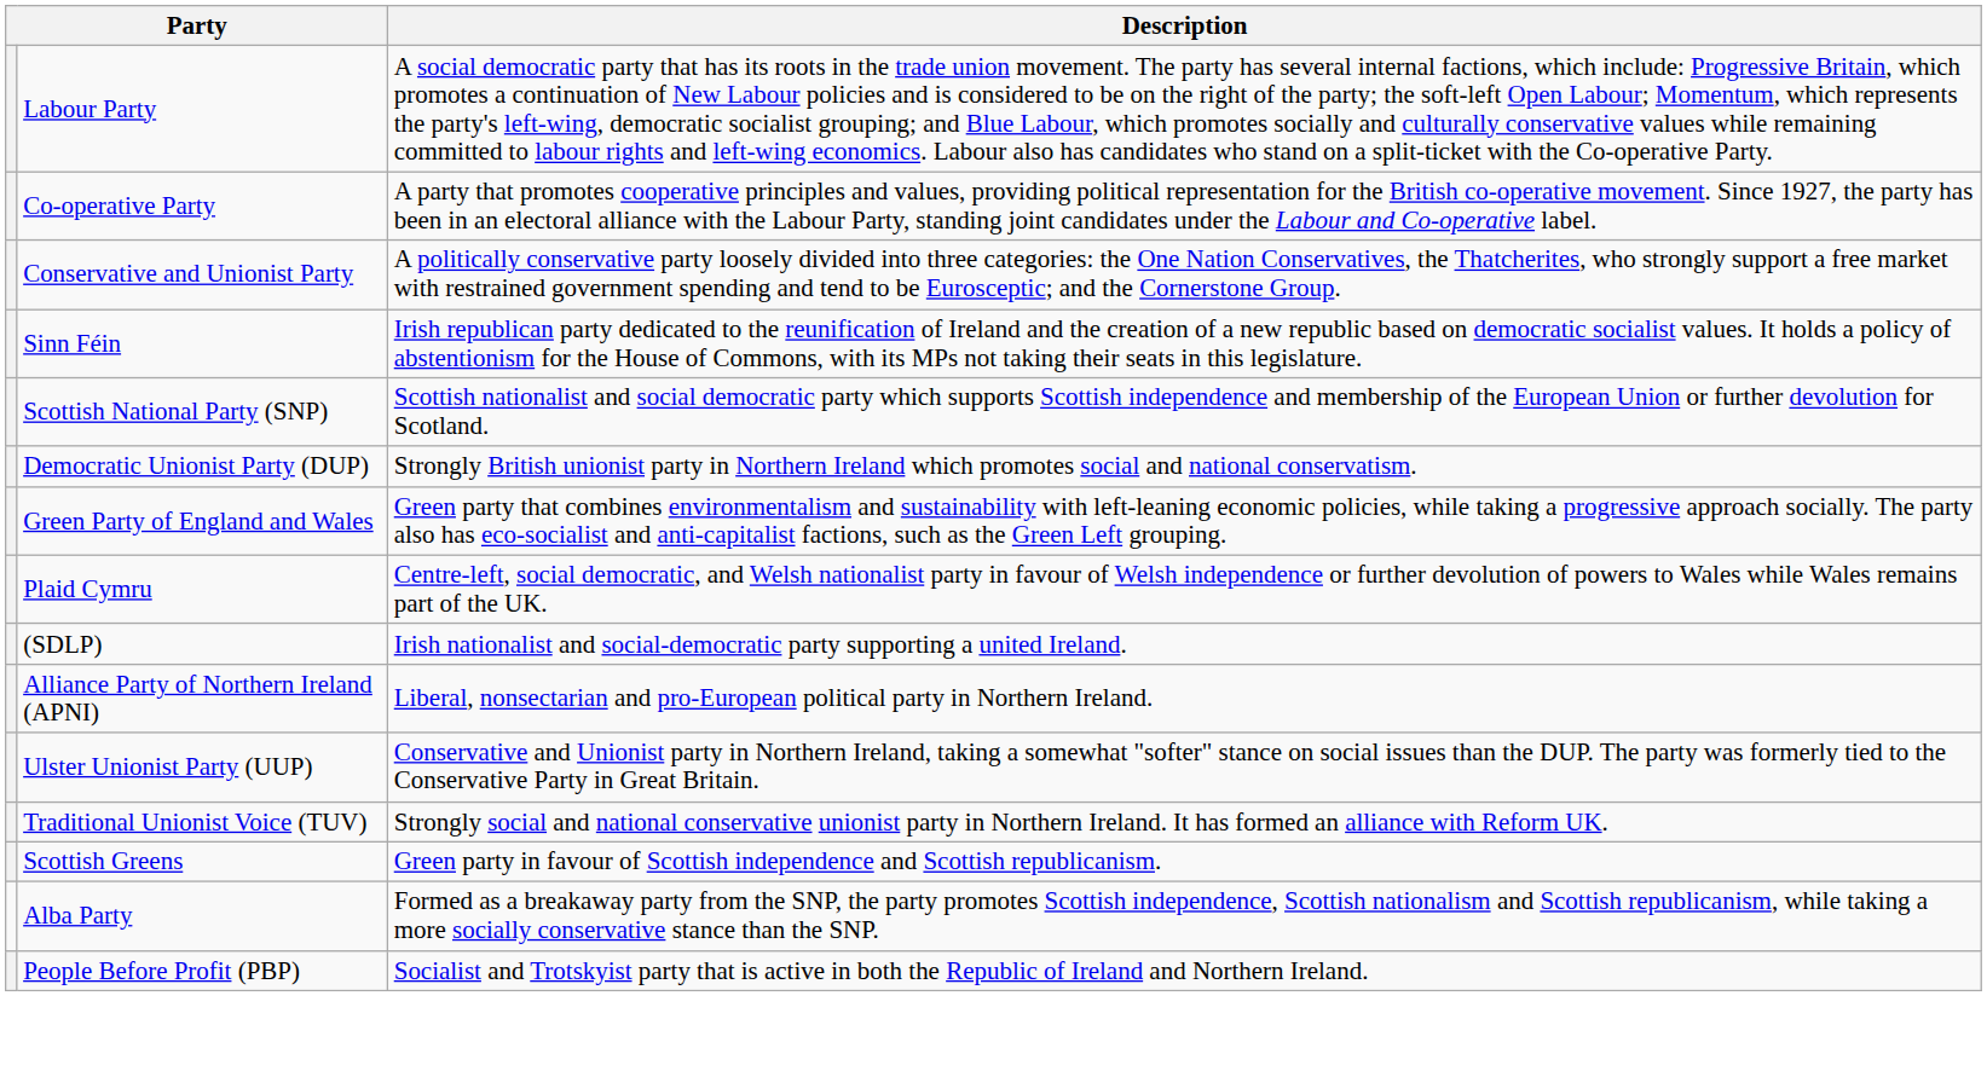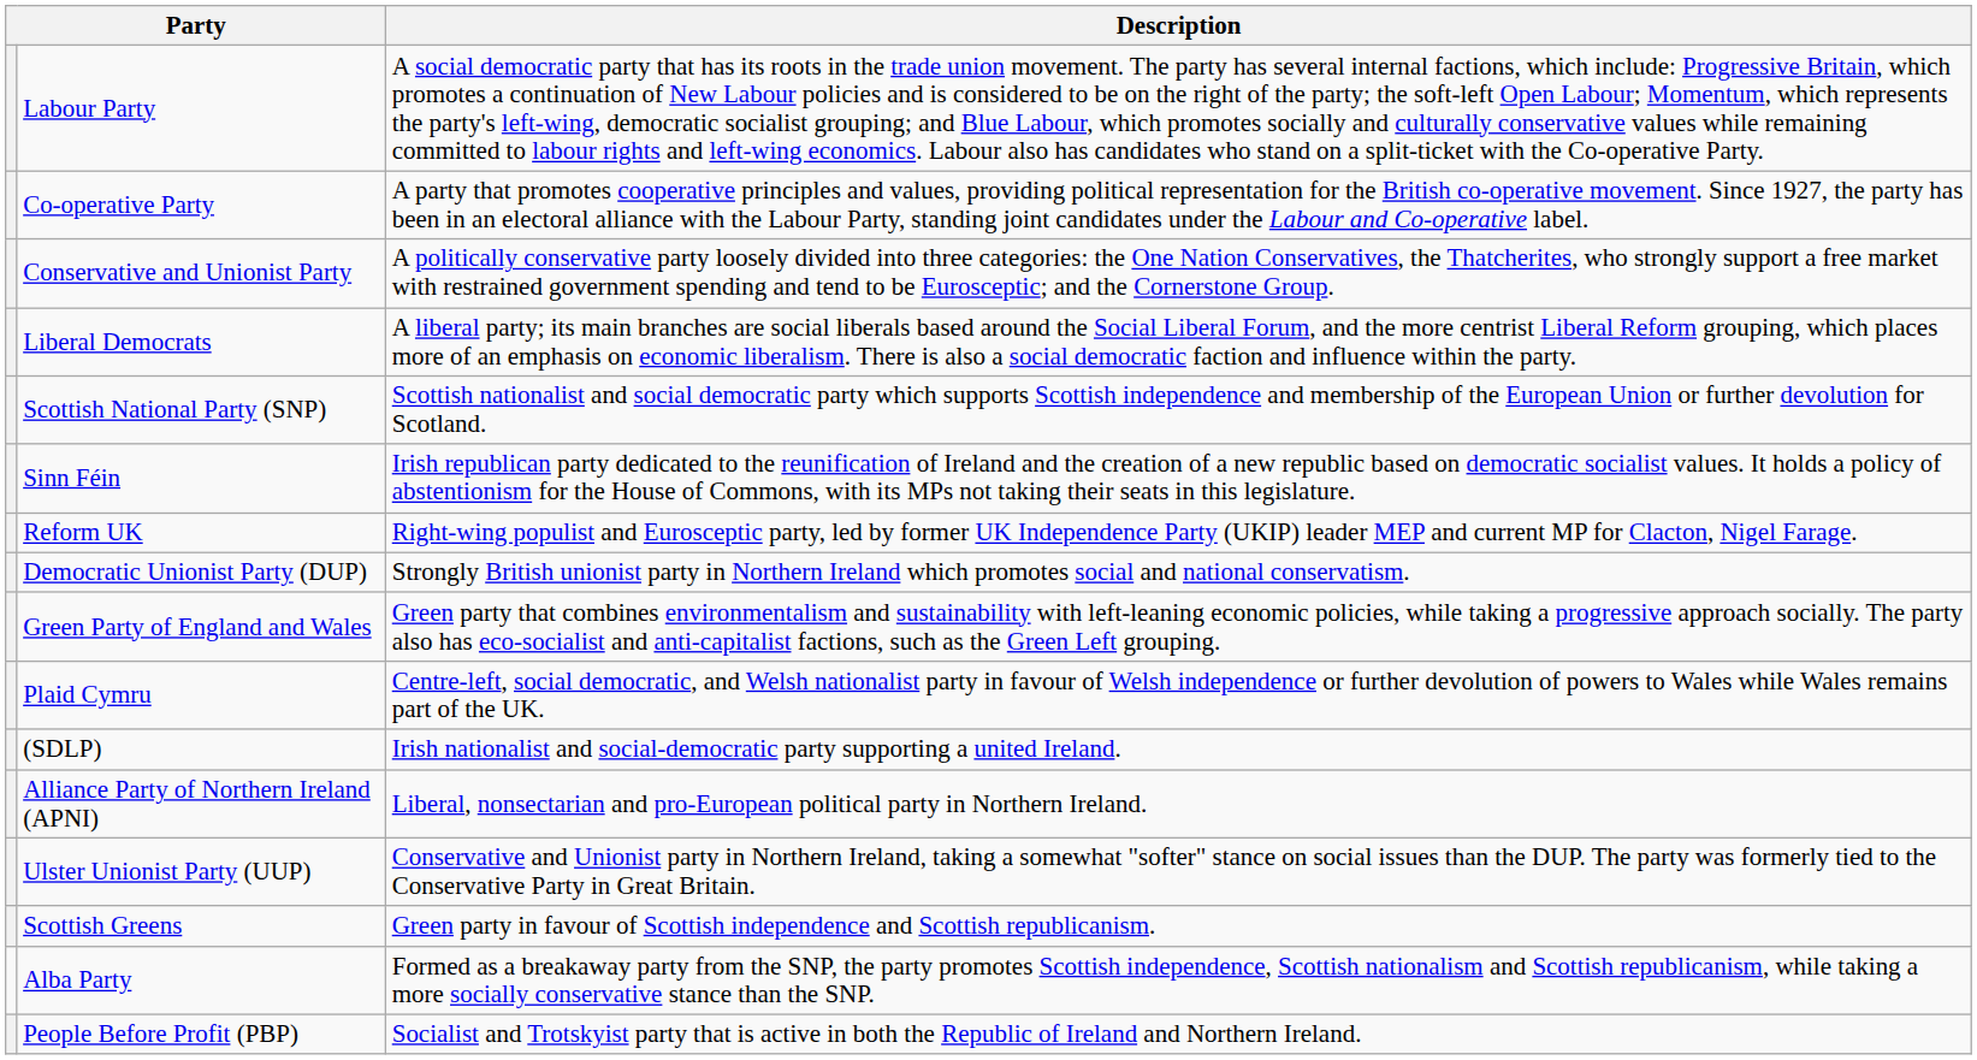 <table class="wikitable">
 <tr>
 <th colspan="2" scope="col" style="width:5px;">Party</th>
 <th scope="col">Description</th>
 </tr>
 <tr>
 <th style="background-color: "></th>
 <td><a href='#'>Labour Party</a></td>
 <td>A <a href='#'>social democratic</a> party that has its roots in the <a href='#'>trade union</a> movement. The party has several internal factions, which include: <a href='#'>Progressive Britain</a>, which promotes a continuation of <a href='#'>New Labour</a> policies and is considered to be on the right of the party; the soft-left <a href='#'>Open Labour</a>; <a href='#'>Momentum</a>, which represents the party's <a href='#'>left-wing</a>, democratic socialist grouping; and <a href='#'>Blue Labour</a>, which promotes socially and <a href='#'>culturally conservative</a> values while remaining committed to <a href='#'>labour rights</a> and <a href='#'>left-wing economics</a>. Labour also has candidates who stand on a split-ticket with the Co-operative Party.</td>
 </tr>
 <tr>
 <th style="background-color: "></th>
 <td><a href='#'>Co-operative Party</a></td>
 <td>A party that promotes <a href='#'>cooperative</a> principles and values, providing political representation for the <a href='#'>British co-operative movement</a>. Since 1927, the party has been in an electoral alliance with the Labour Party, standing joint candidates under the <em><a href='#'>Labour and Co-operative</a></em> label.</td>
 </tr>
 <tr>
 <th style="background-color: "></th>
 <td style="width: 170pt;"><a href='#'>Conservative and Unionist Party</a></td>
 <td>A <a href='#'>politically conservative</a> party loosely divided into three categories: the <a href='#'>One Nation Conservatives</a>, the <a href='#'>Thatcherites</a>, who strongly support a free market with restrained government spending and tend to be <a href='#'>Eurosceptic</a>; and the <a href='#'>Cornerstone Group</a>.</td>
 </tr>
 <tr>
 <th style="background-color: "></th>
+<td><a href='#'>Liberal Democrats</a></td>
+<td>A <a href='#'>liberal</a> party; its main branches are social liberals based around the <a href='#'>Social Liberal Forum</a>, and the more centrist <a href='#'>Liberal Reform</a> grouping, which places more of an emphasis on <a href='#'>economic liberalism</a>. There is also a <a href='#'>social democratic</a> faction and influence within the party.</td>
+</tr>
+<tr>
+<th style="background-color: "></th>
+<td><a href='#'>Scottish National Party</a> (SNP)</td>
+<td><a href='#'>Scottish nationalist</a> and <a href='#'>social democratic</a> party which supports <a href='#'>Scottish independence</a> and membership of the <a href='#'>European Union</a> or further <a href='#'>devolution</a> for Scotland.</td>
+</tr>
+<tr>
+<th style="background-color: "></th>
 <td><a href='#'>Sinn Féin</a></td>
 <td><a href='#'>Irish republican</a> party dedicated to the <a href='#'>reunification</a> of Ireland and the creation of a new republic based on <a href='#'>democratic socialist</a> values. It holds a policy of <a href='#'>abstentionism</a> for the House of Commons, with its MPs not taking their seats in this legislature.</td>
 </tr>
 <tr>
 <th style="background-color: "></th>
-<td><a href='#'>Scottish National Party</a> (SNP)</td>
-<td><a href='#'>Scottish nationalist</a> and <a href='#'>social democratic</a> party which supports <a href='#'>Scottish independence</a> and membership of the <a href='#'>European Union</a> or further <a href='#'>devolution</a> for Scotland.</td>
+<td><a href='#'>Reform UK</a></td>
+<td><a href='#'>Right-wing populist</a> and <a href='#'>Eurosceptic</a> party, led by former <a href='#'>UK Independence Party</a> (UKIP) leader <a href='#'>MEP</a> and current MP for <a href='#'>Clacton</a>, <a href='#'>Nigel Farage</a>.</td>
 </tr>
 <tr>
 <th style="background-color: "></th>
 <td><a href='#'>Democratic Unionist Party</a> (DUP)</td>
 <td>Strongly <a href='#'>British unionist</a> party in <a href='#'>Northern Ireland</a> which promotes <a href='#'>social</a> and <a href='#'>national conservatism</a>.</td>
 </tr>
 <tr>
 <th style="background-color: "></th>
 <td><a href='#'>Green Party of England and Wales</a></td>
 <td><a href='#'>Green</a> party that combines <a href='#'>environmentalism</a> and <a href='#'>sustainability</a> with left-leaning economic policies, while taking a <a href='#'>progressive</a> approach socially. The party also has <a href='#'>eco-socialist</a> and <a href='#'>anti-capitalist</a> factions, such as the <a href='#'>Green Left</a> grouping.</td>
 </tr>
 <tr>
 <th style="background-color: "></th>
 <td><a href='#'>Plaid Cymru</a></td>
 <td><a href='#'>Centre-left</a>, <a href='#'>social democratic</a>, and <a href='#'>Welsh nationalist</a> party in favour of <a href='#'>Welsh independence</a> or further devolution of powers to Wales while Wales remains part of the UK.</td>
 </tr>
 <tr>
 <th style="background-color: "></th>
 <td> (SDLP)</td>
 <td><a href='#'>Irish nationalist</a> and <a href='#'>social-democratic</a> party supporting a <a href='#'>united Ireland</a>.</td>
 </tr>
 <tr>
 <th style="background-color: "></th>
 <td><a href='#'>Alliance Party of Northern Ireland</a> (APNI)</td>
 <td><a href='#'>Liberal</a>, <a href='#'>nonsectarian</a> and <a href='#'>pro-European</a> political party in Northern Ireland.</td>
 </tr>
 <tr>
 <th style="background-color: "></th>
 <td><a href='#'>Ulster Unionist Party</a> (UUP)</td>
 <td><a href='#'>Conservative</a> and <a href='#'>Unionist</a> party in Northern Ireland, taking a somewhat "softer" stance on social issues than the DUP. The party was formerly tied to the Conservative Party in Great Britain.</td>
 </tr>
 <tr>
 <th style="background-color: "></th>
-<td><a href='#'>Traditional Unionist Voice</a> (TUV)</td>
-<td>Strongly <a href='#'>social</a> and <a href='#'>national conservative</a> <a href='#'>unionist</a> party in Northern Ireland. It has formed an <a href='#'>alliance with Reform UK</a>.</td>
-</tr>
-<tr>
-<th style="background-color: "></th>
 <td><a href='#'>Scottish Greens</a></td>
 <td><a href='#'>Green</a> party in favour of <a href='#'>Scottish independence</a> and <a href='#'>Scottish republicanism</a>.</td>
 </tr>
 <tr>
 <td style="background-color: "></td>
 <td><a href='#'>Alba Party</a></td>
 <td>Formed as a breakaway party from the SNP, the party promotes <a href='#'>Scottish independence</a>, <a href='#'>Scottish nationalism</a> and <a href='#'>Scottish republicanism</a>, while taking a more <a href='#'>socially conservative</a> stance than the SNP.</td>
 </tr>
 <tr>
 <th style="background-color: "></th>
 <td><a href='#'>People Before Profit</a> (PBP)</td>
 <td><a href='#'>Socialist</a> and <a href='#'>Trotskyist</a> party that is active in both the <a href='#'>Republic of Ireland</a> and Northern Ireland.</td>
 </tr>
 </table>
